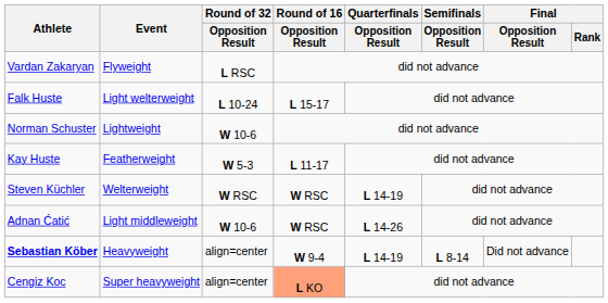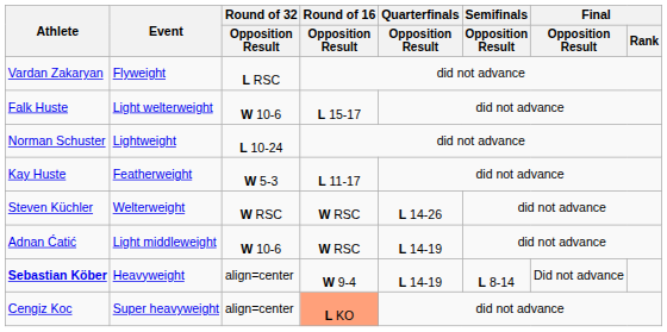 <table class="wikitable" style="font-size:90%">
 <tr>
 <th rowspan="2">Athlete</th>
 <th rowspan="2">Event</th>
 <th>Round of 32</th>
 <th>Round of 16</th>
 <th>Quarterfinals</th>
 <th>Semifinals</th>
 <th colspan=2>Final</th>
 </tr>
 <tr style="font-size:95%">
 <th>Opposition<br>Result</th>
 <th>Opposition<br>Result</th>
 <th>Opposition<br>Result</th>
 <th>Opposition<br>Result</th>
 <th>Opposition<br>Result</th>
 <th>Rank</th>
 </tr>
 <tr>
 <td align=left><a href='#'>Vardan Zakaryan</a></td>
 <td align=left><a href='#'>Flyweight</a></td>
 <td align=center><br><strong>L</strong> RSC</td>
 <td align=center colspan=5>did not advance</td>
 </tr>
 <tr>
 <td align=left><a href='#'>Falk Huste</a></td>
 <td align=left><a href='#'>Light welterweight</a></td>
-<td align=center><br><strong>L</strong> 10-24</td>
+<td align=center><br><strong>W</strong> 10-6</td>
 <td align=center><br><strong>L</strong> 15-17</td>
 <td align=center colspan=4>did not advance</td>
 </tr>
 <tr>
 <td align=left><a href='#'>Norman Schuster</a></td>
 <td align=left><a href='#'>Lightweight</a></td>
-<td align=center><br><strong>W</strong> 10-6</td>
+<td align=center><br><strong>L</strong> 10-24</td>
 <td align=center colspan=5>did not advance</td>
 </tr>
 <tr>
 <td align=left><a href='#'>Kay Huste</a></td>
 <td align=left><a href='#'>Featherweight</a></td>
 <td align=center><br><strong>W</strong> 5-3</td>
 <td align=center><br><strong>L</strong> 11-17</td>
 <td align=center colspan=4>did not advance</td>
 </tr>
 <tr>
 <td align=left><a href='#'>Steven Küchler</a></td>
 <td align=left><a href='#'>Welterweight</a></td>
 <td align=center><br><strong>W</strong> RSC</td>
 <td align=center><br><strong>W</strong> RSC</td>
-<td align=center><br><strong>L</strong> 14-19</td>
+<td align=center><br><strong>L</strong> 14-26</td>
 <td align=center colspan=3>did not advance</td>
 </tr>
 <tr>
 <td align=left><a href='#'>Adnan Ćatić</a></td>
 <td align=left><a href='#'>Light middleweight</a></td>
 <td align=center><br><strong>W</strong> 10-6</td>
 <td align=center><br><strong>W</strong> RSC</td>
-<td align=center><br><strong>L</strong> 14-26</td>
+<td align=center><br><strong>L</strong> 14-19</td>
 <td align=center colspan=3>did not advance</td>
 </tr>
 <tr>
 <td align=left><strong><a href='#'>Sebastian Köber</a></strong></td>
 <td align=left><a href='#'>Heavyweight</a></td>
 <td>align=center </td>
 <td align=center><br><strong>W</strong> 9-4</td>
 <td align=center><br><strong>L</strong> 14-19</td>
 <td align=center><br><strong>L</strong> 8-14</td>
 <td align=center>Did not advance</td>
 <td align=center></td>
 </tr>
 <tr>
 <td align=left><a href='#'>Cengiz Koc</a></td>
 <td align=left><a href='#'>Super heavyweight</a></td>
 <td>align=center </td>
 <td align=center style="background: lightsalmon;"><br><strong>L</strong> KO</td>
 <td align=center colspan=5>did not advance</td>
 </tr>
 </table>
